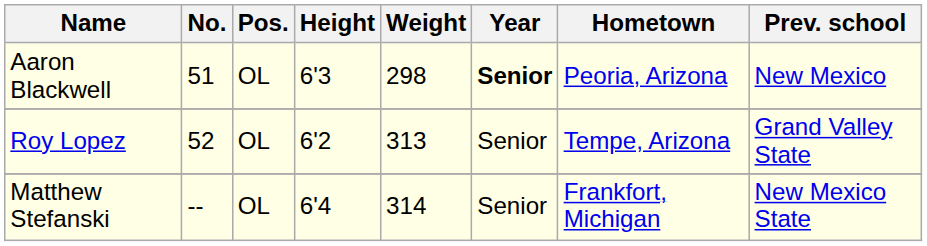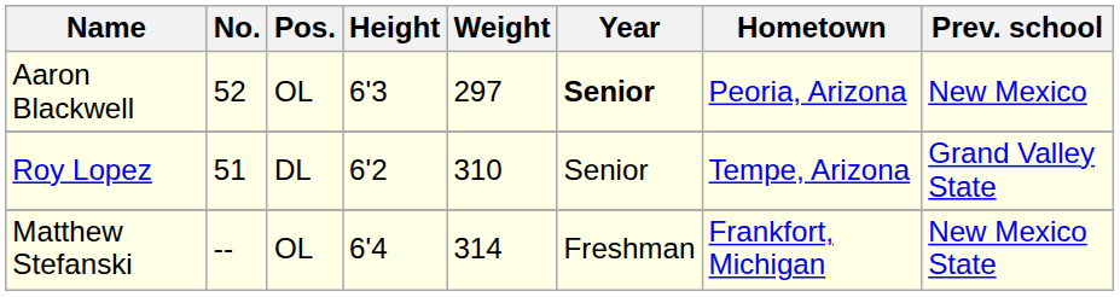 <table class="wikitable sortable">
 <tr>
 <th>Name</th>
 <th>No.</th>
 <th>Pos.</th>
 <th>Height</th>
 <th>Weight</th>
 <th>Year</th>
 <th>Hometown</th>
 <th class="unsortable">Prev. school</th>
 </tr>
 <tr style="background:#FFFFE6;">
 <td>Aaron Blackwell</td>
-<td>51</td>
+<td>52</td>
 <td>OL</td>
 <td>6'3</td>
-<td>298</td>
+<td>297</td>
 <td><strong>Senior</strong></td>
 <td><a href='#'>Peoria, Arizona</a></td>
 <td><a href='#'>New Mexico</a></td>
 </tr>
 <tr>
 </tr>
 <tr style="background:#FFFFE6;">
 <td><a href='#'>Roy Lopez</a></td>
-<td>52</td>
-<td>OL</td>
+<td>51</td>
+<td>DL</td>
 <td>6'2</td>
-<td>313</td>
+<td>310</td>
 <td>Senior</td>
 <td><a href='#'>Tempe, Arizona</a></td>
 <td><a href='#'>Grand Valley State</a></td>
 </tr>
 <tr>
 </tr>
 <tr style="background:#FFFFE6;">
 <td>Matthew Stefanski</td>
 <td>--</td>
 <td>OL</td>
 <td>6'4</td>
 <td>314</td>
-<td>Senior</td>
+<td>Freshman</td>
 <td><a href='#'>Frankfort, Michigan</a></td>
 <td><a href='#'>New Mexico State</a></td>
 </tr>
 </table>
